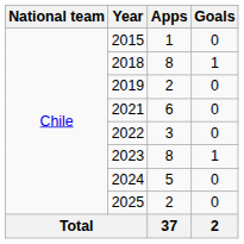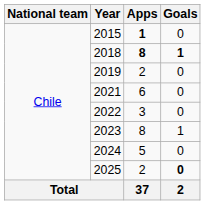 <table class=wikitable style=text-align:center>
 <tr>
 <th>National team</th>
 <th>Year</th>
 <th>Apps</th>
 <th>Goals</th>
 </tr>
 <tr>
 <td rowspan="8"><a href='#'>Chile</a></td>
 <td>2015</td>
-<td>1</td>
+<td><strong>1</strong></td>
 <td>0</td>
 </tr>
 <tr>
 <td>2018</td>
-<td>8</td>
-<td>1</td>
+<td><strong>8</strong></td>
+<td><strong>1</strong></td>
 </tr>
 <tr>
 <td>2019</td>
 <td>2</td>
 <td>0</td>
 </tr>
 <tr>
 <td>2021</td>
 <td>6</td>
 <td>0</td>
 </tr>
 <tr>
 <td>2022</td>
 <td>3</td>
 <td>0</td>
 </tr>
 <tr>
 <td>2023</td>
 <td>8</td>
 <td>1</td>
 </tr>
 <tr>
 <td>2024</td>
 <td>5</td>
 <td>0</td>
 </tr>
 <tr>
 <td>2025</td>
 <td>2</td>
-<td>0</td>
+<td><strong>0</strong></td>
 </tr>
 <tr>
 <th colspan="2">Total</th>
 <th>37</th>
 <th>2</th>
 </tr>
 </table>
